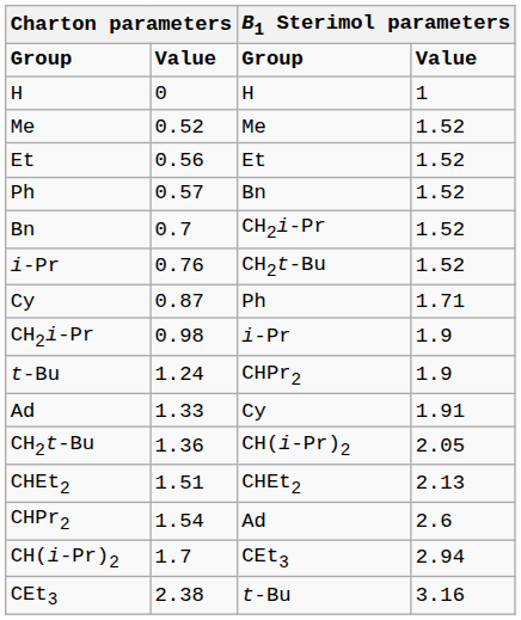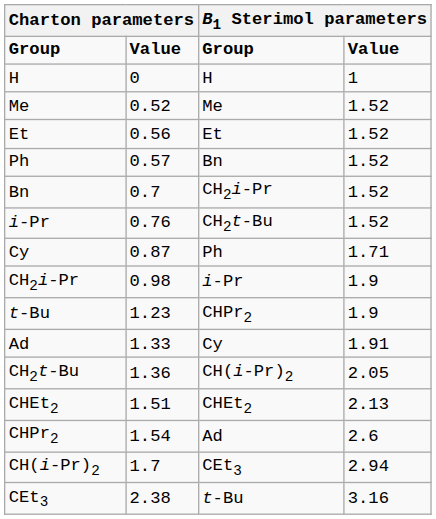 <table class="wikitable sortable">
 <tr>
 <th colspan="2">Charton parameters</th>
 <th colspan="2"><em>B</em><sub>1</sub> Sterimol parameters</th>
 </tr>
 <tr>
 <td><strong>Group</strong></td>
 <td><strong>Value</strong></td>
 <td><strong>Group</strong></td>
 <td><strong>Value</strong></td>
 </tr>
 <tr>
 <td>H</td>
 <td>0</td>
 <td>H</td>
 <td>1</td>
 </tr>
 <tr>
 <td>Me</td>
 <td>0.52</td>
 <td>Me</td>
 <td>1.52</td>
 </tr>
 <tr>
 <td>Et</td>
 <td>0.56</td>
 <td>Et</td>
 <td>1.52</td>
 </tr>
 <tr>
 <td>Ph</td>
 <td>0.57</td>
 <td>Bn</td>
 <td>1.52</td>
 </tr>
 <tr>
 <td>Bn</td>
 <td>0.7</td>
 <td>CH<sub>2</sub><em>i</em>-Pr</td>
 <td>1.52</td>
 </tr>
 <tr>
 <td><em>i</em>-Pr</td>
 <td>0.76</td>
 <td>CH<sub>2</sub><em>t</em>-Bu</td>
 <td>1.52</td>
 </tr>
 <tr>
 <td>Cy</td>
 <td>0.87</td>
 <td>Ph</td>
 <td>1.71</td>
 </tr>
 <tr>
 <td>CH<sub>2</sub><em>i-</em>Pr</td>
 <td>0.98</td>
 <td><em>i</em>-Pr</td>
 <td>1.9</td>
 </tr>
 <tr>
 <td><em>t</em>-Bu</td>
-<td>1.24</td>
+<td>1.23</td>
 <td>CHPr<sub>2</sub></td>
 <td>1.9</td>
 </tr>
 <tr>
 <td>Ad</td>
 <td>1.33</td>
 <td>Cy</td>
 <td>1.91</td>
 </tr>
 <tr>
 <td>CH<sub>2</sub><em>t</em>-Bu</td>
 <td>1.36</td>
 <td>CH(<em>i</em>-Pr)<sub>2</sub></td>
 <td>2.05</td>
 </tr>
 <tr>
 <td>CHEt<sub>2</sub></td>
 <td>1.51</td>
 <td>CHEt<sub>2</sub></td>
 <td>2.13</td>
 </tr>
 <tr>
 <td>CHPr<sub>2</sub></td>
 <td>1.54</td>
 <td>Ad</td>
 <td>2.6</td>
 </tr>
 <tr>
 <td>CH(<em>i</em>-Pr)<sub>2</sub></td>
 <td>1.7</td>
 <td>CEt<sub>3</sub></td>
 <td>2.94</td>
 </tr>
 <tr>
 <td>CEt<sub>3</sub></td>
 <td>2.38</td>
 <td><em>t</em>-Bu</td>
 <td>3.16</td>
 </tr>
 </table>
